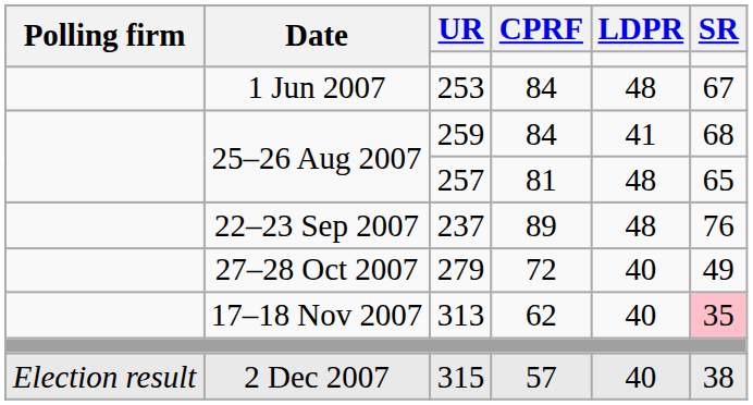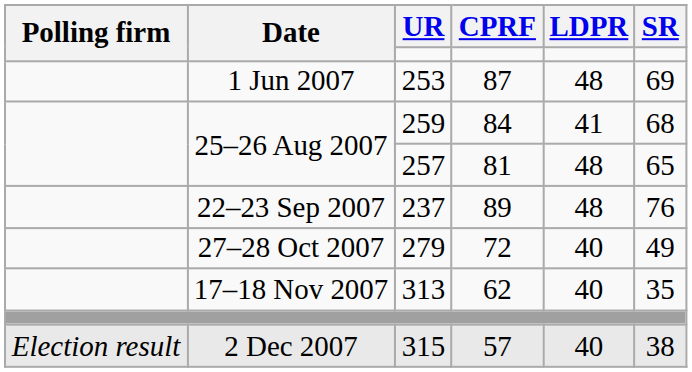 <table class="wikitable" style="text-align:center; font-size:90%; line-height:14px">
 <tr>
 <th rowspan="2">Polling firm</th>
 <th rowspan="2">Date</th>
 <th><a href='#'>UR</a></th>
 <th><a href='#'>CPRF</a></th>
 <th><a href='#'>LDPR</a></th>
 <th><a href='#'>SR</a></th>
 </tr>
 <tr>
 <td></td>
 <td></td>
 <td></td>
 <td colspan=3;></td>
 </tr>
 <tr>
 <td></td>
 <td>1 Jun 2007</td>
 <td>253</td>
-<td>84</td>
+<td>87</td>
 <td>48</td>
-<td>67</td>
+<td>69</td>
 </tr>
 <tr>
 <td rowspan="2"></td>
 <td rowspan="2">25–26 Aug 2007</td>
 <td>259</td>
 <td>84</td>
 <td>41</td>
 <td>68</td>
 </tr>
 <tr>
 <td>257</td>
 <td>81</td>
 <td>48</td>
 <td>65</td>
 </tr>
 <tr>
 <td></td>
 <td>22–23 Sep 2007</td>
 <td>237</td>
 <td>89</td>
 <td>48</td>
 <td>76</td>
 </tr>
 <tr>
 <td></td>
 <td>27–28 Oct 2007</td>
 <td>279</td>
 <td>72</td>
 <td>40</td>
 <td>49</td>
 </tr>
 <tr>
 <td></td>
 <td>17–18 Nov 2007</td>
 <td>313</td>
 <td>62</td>
 <td>40</td>
-<td style="background: pink;">35</td>
+<td>35</td>
 </tr>
 <tr>
 <td colspan="6" style="background:#A0A0A0"></td>
 </tr>
 <tr style="background-color:#E9E9E9">
 <td><em>Election result</em></td>
 <td>2 Dec 2007</td>
 <td>315</td>
 <td>57</td>
 <td>40</td>
 <td>38</td>
 </tr>
 </table>
